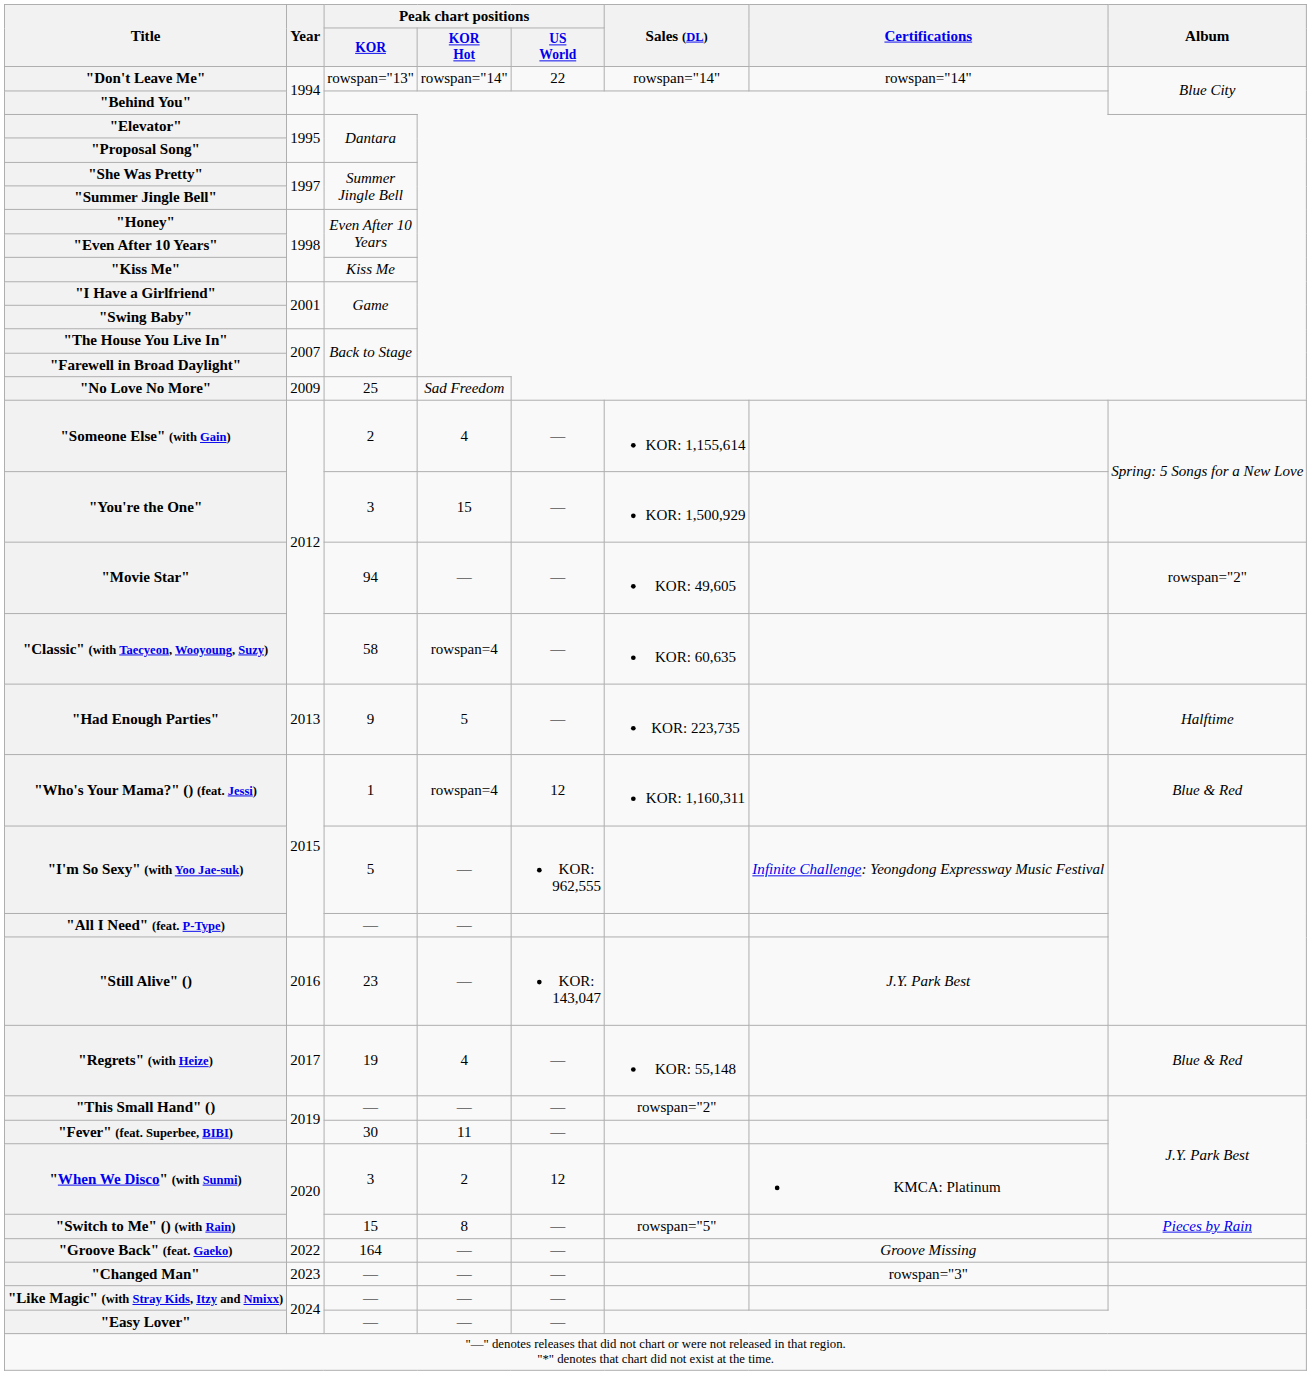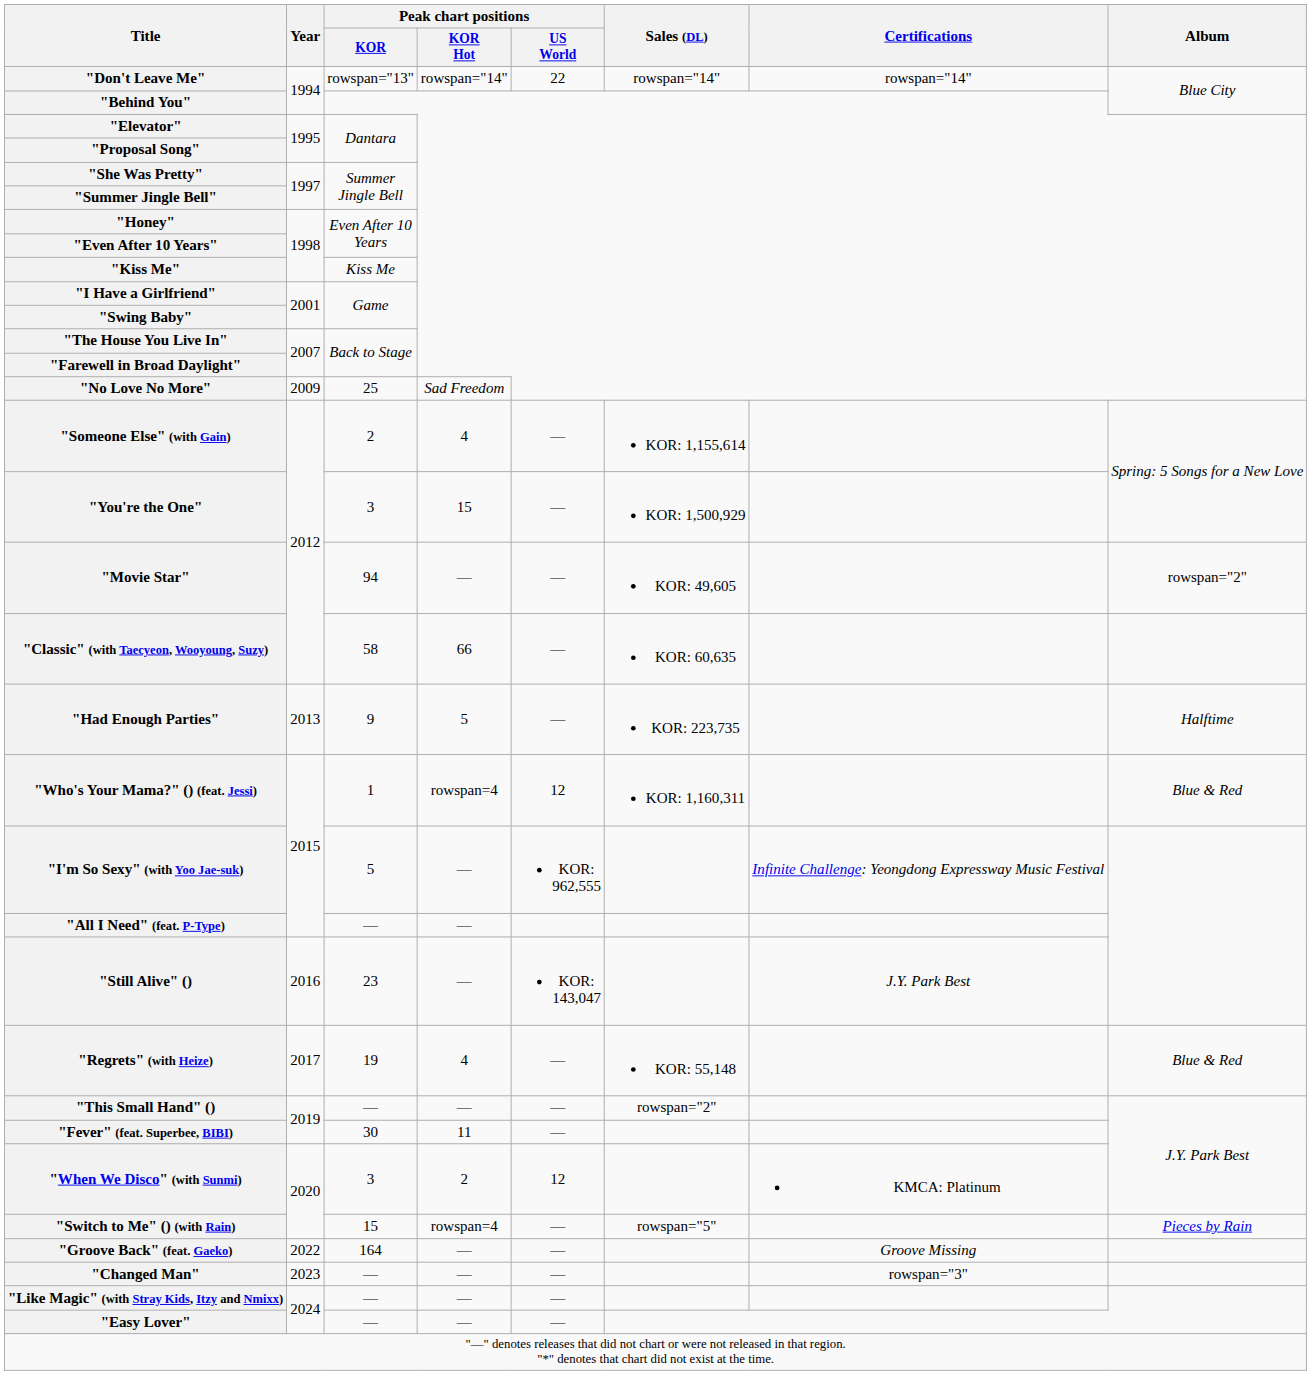 <table class="wikitable plainrowheaders" style="text-align:center;">
 <tr>
 <th scope="col" rowspan="2">Title</th>
 <th scope="col" rowspan="2">Year</th>
 <th scope="col" colspan="3">Peak chart positions</th>
 <th scope="col" rowspan="2">Sales <small>(<a href='#'>DL</a>)</small></th>
 <th scope="col" rowspan="2"><a href='#'>Certifications</a></th>
 <th scope="col" rowspan="2">Album</th>
 </tr>
 <tr>
 <th scope="col" style="width:3em;font-size:90%;"><a href='#'>KOR</a><br></th>
 <th scope="col" style="width:3em;font-size:90%;"><a href='#'>KOR<br>Hot</a><br></th>
 <th scope="col" style="width:3em;font-size:90%;"><a href='#'>US<br>World</a><br></th>
 </tr>
 <tr>
 <th scope="row">"Don't Leave Me"</th>
 <td rowspan="2">1994</td>
 <td>rowspan="13" </td>
 <td>rowspan="14" </td>
 <td>22</td>
 <td>rowspan="14" </td>
 <td>rowspan="14" </td>
 <td rowspan="2"><em>Blue City</em></td>
 </tr>
 <tr>
 <th scope="row">"Behind You"</th>
 </tr>
 <tr>
 <th scope="row">"Elevator"</th>
 <td rowspan="2">1995</td>
 <td rowspan="2"><em>Dantara</em></td>
 </tr>
 <tr>
 <th scope="row">"Proposal Song"</th>
 </tr>
 <tr>
 <th scope="row">"She Was Pretty"</th>
 <td rowspan="2">1997</td>
 <td rowspan="2"><em>Summer Jingle Bell</em></td>
 </tr>
 <tr>
 <th scope="row">"Summer Jingle Bell"</th>
 </tr>
 <tr>
 <th scope="row">"Honey"</th>
 <td rowspan="3">1998</td>
 <td rowspan="2"><em>Even After 10 Years</em></td>
 </tr>
 <tr>
 <th scope="row">"Even After 10 Years"</th>
 </tr>
 <tr>
 <th scope="row">"Kiss Me"</th>
 <td><em>Kiss Me</em></td>
 </tr>
 <tr>
 <th scope="row">"I Have a Girlfriend"</th>
 <td rowspan="2">2001</td>
 <td rowspan="2"><em>Game</em></td>
 </tr>
 <tr>
 <th scope="row">"Swing Baby"</th>
 </tr>
 <tr>
 <th scope="row">"The House You Live In"</th>
 <td rowspan="2">2007</td>
 <td rowspan="2"><em>Back to Stage</em></td>
 </tr>
 <tr>
 <th scope="row">"Farewell in Broad Daylight"</th>
 </tr>
 <tr>
 <th scope="row">"No Love No More"</th>
 <td>2009</td>
 <td>25</td>
 <td><em>Sad Freedom</em></td>
 </tr>
 <tr>
 <th scope="row">"Someone Else" <small>(with <a href='#'>Gain</a>)</small></th>
 <td rowspan="4">2012</td>
 <td>2</td>
 <td>4</td>
 <td>—</td>
 <td><br><ul><li>KOR: 1,155,614</li></ul></td>
 <td></td>
 <td rowspan="2"><em>Spring: 5 Songs for a New Love</em></td>
 </tr>
 <tr>
 <th scope="row">"You're the One"</th>
 <td>3</td>
 <td>15</td>
 <td>—</td>
 <td><br><ul><li>KOR: 1,500,929</li></ul></td>
 </tr>
 <tr>
 <th scope="row">"Movie Star"</th>
 <td>94</td>
 <td>—</td>
 <td>—</td>
 <td><br><ul><li>KOR: 49,605</li></ul></td>
 <td></td>
 <td>rowspan="2" </td>
 </tr>
 <tr>
 <th scope="row">"Classic" <small>(with <a href='#'>Taecyeon</a>, <a href='#'>Wooyoung</a>, <a href='#'>Suzy</a>)</small></th>
 <td>58</td>
-<td>rowspan=4 </td>
+<td>66</td>
 <td>—</td>
 <td><br><ul><li>KOR: 60,635</li></ul></td>
 <td></td>
 </tr>
 <tr>
 <th scope="row">"Had Enough Parties"</th>
 <td>2013</td>
 <td>9</td>
 <td>5</td>
 <td>—</td>
 <td><br><ul><li>KOR: 223,735</li></ul></td>
 <td></td>
 <td><em>Halftime</em></td>
 </tr>
 <tr>
 <th scope="row">"Who's Your Mama?" () <small>(feat. <a href='#'>Jessi</a>)</small></th>
 <td rowspan="3">2015</td>
 <td>1</td>
 <td>rowspan=4 </td>
 <td>12</td>
 <td><br><ul><li>KOR: 1,160,311</li></ul></td>
 <td></td>
 <td><em>Blue & Red</em></td>
 </tr>
 <tr>
 <th scope="row">"I'm So Sexy" <small>(with <a href='#'>Yoo Jae-suk</a>)</small></th>
 <td>5</td>
 <td>—</td>
 <td><br><ul><li>KOR: 962,555</li></ul></td>
 <td></td>
 <td><em><a href='#'>Infinite Challenge</a>: Yeongdong Expressway Music Festival</em></td>
 </tr>
 <tr>
 <th scope="row">"All I Need" <small>(feat. <a href='#'>P-Type</a>)</small></th>
 <td>—</td>
 <td>—</td>
 <td></td>
 <td></td>
 <td></td>
 </tr>
 <tr>
 <th scope="row">"Still Alive" ()</th>
 <td>2016</td>
 <td>23</td>
 <td>—</td>
 <td><br><ul><li>KOR: 143,047</li></ul></td>
 <td></td>
 <td><em>J.Y. Park Best</em></td>
 </tr>
 <tr>
 <th scope="row">"Regrets" <small>(with <a href='#'>Heize</a>)</small></th>
 <td>2017</td>
 <td>19</td>
 <td>4</td>
 <td>—</td>
 <td><br><ul><li>KOR: 55,148</li></ul></td>
 <td></td>
 <td><em>Blue & Red</em></td>
 </tr>
 <tr>
 <th scope="row">"This Small Hand" ()</th>
 <td rowspan="2">2019</td>
 <td>—</td>
 <td>—</td>
 <td>—</td>
 <td>rowspan="2" </td>
 <td></td>
 <td rowspan="3"><em>J.Y. Park Best</em></td>
 </tr>
 <tr>
 <th scope="row">"Fever" <small>(feat. Superbee, <a href='#'>BIBI</a>)</small></th>
 <td>30</td>
 <td>11</td>
 <td>—</td>
 <td></td>
 </tr>
 <tr>
 <th scope="row">"<a href='#'>When We Disco</a>" <small>(with <a href='#'>Sunmi</a>)</small></th>
 <td rowspan="2">2020</td>
 <td>3</td>
 <td>2</td>
 <td>12</td>
 <td></td>
 <td><br><ul><li>KMCA: Platinum </li></ul></td>
 </tr>
 <tr>
 <th scope="row">"Switch to Me" () <small>(with <a href='#'>Rain</a>)</small></th>
 <td>15</td>
-<td>8</td>
+<td>rowspan=4 </td>
 <td>—</td>
 <td>rowspan="5" </td>
 <td></td>
 <td><em><a href='#'>Pieces by Rain</a></em></td>
 </tr>
 <tr>
 <th scope="row">"Groove Back" <small>(feat. <a href='#'>Gaeko</a>)</small></th>
 <td>2022</td>
 <td>164</td>
 <td>—</td>
 <td>—</td>
 <td></td>
 <td><em>Groove Missing</em></td>
 <td></td>
 </tr>
 <tr>
 <th scope="row">"Changed Man"</th>
 <td>2023</td>
 <td>—</td>
 <td>—</td>
 <td>—</td>
 <td></td>
 <td>rowspan="3" </td>
 <td></td>
 </tr>
 <tr>
 <th scope="row">"Like Magic" <small>(with <a href='#'>Stray Kids</a>, <a href='#'>Itzy</a> and <a href='#'>Nmixx</a>)</small></th>
 <td rowspan="2">2024</td>
 <td>—</td>
 <td>—</td>
 <td>—</td>
 <td></td>
 <td></td>
 </tr>
 <tr>
 <th scope="row">"Easy Lover"</th>
 <td>—</td>
 <td>—</td>
 <td>—</td>
 </tr>
 <tr>
 <td colspan="8" style="font-size:85%">"—" denotes releases that did not chart or were not released in that region.<br>"*" denotes that chart did not exist at the time.</td>
 </tr>
 </table>
